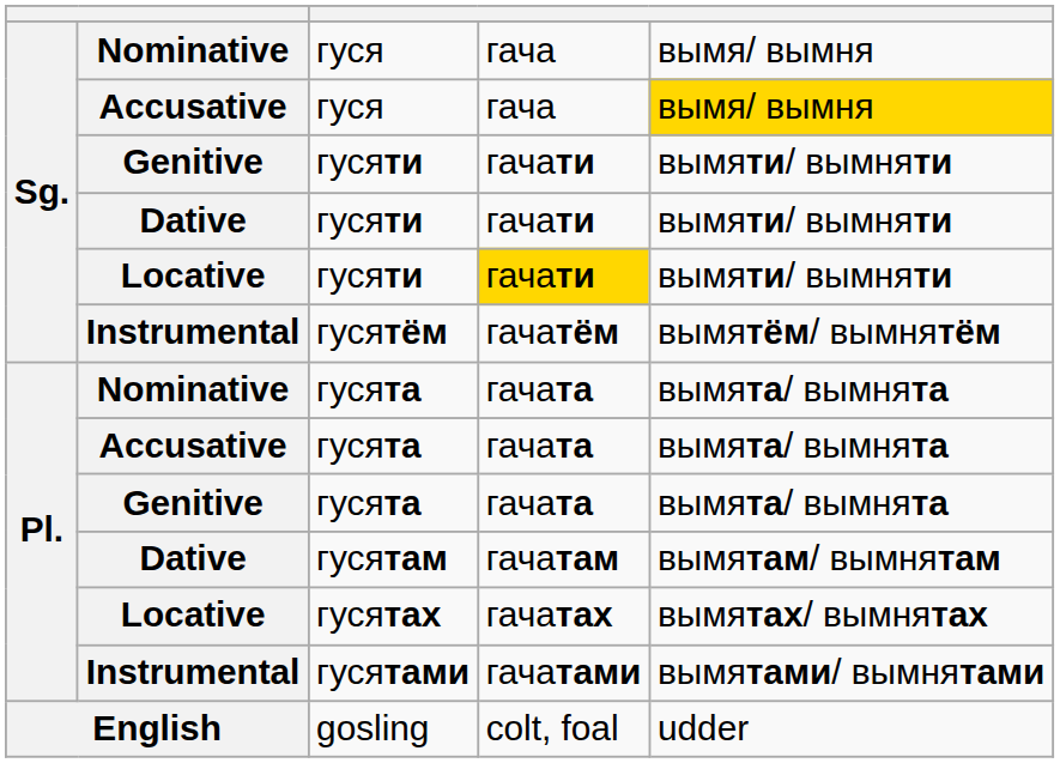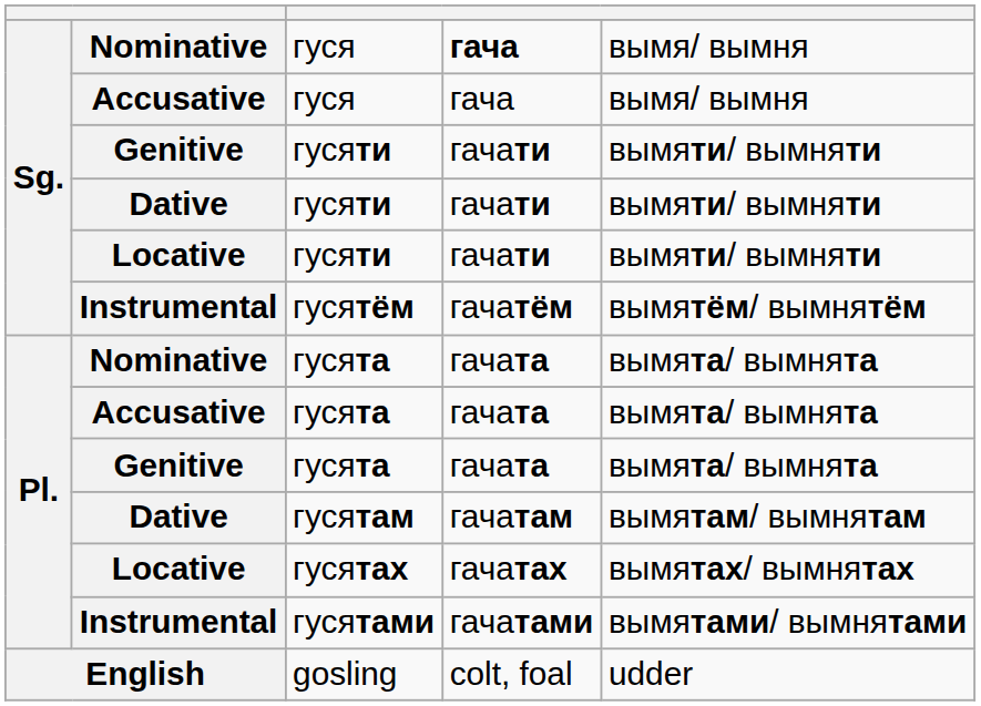 <table class=wikitable>
 <tr>
 <th colspan="2" rowspan="1"></th>
 <th colspan="5" rowspan="1"></th>
 </tr>
 <tr>
 <th rowspan="6">Sg.</th>
 <th>Nominative</th>
 <td>гуся</td>
-<td>гача</td>
+<td><strong>гача</strong></td>
 <td>вымя/ вымня</td>
 </tr>
 <tr>
 <th>Accusative</th>
 <td>гуся</td>
 <td>гача</td>
-<td style="background: gold;">вымя/ вымня</td>
+<td>вымя/ вымня</td>
 </tr>
 <tr>
 <th>Genitive</th>
 <td>гуся<strong>ти</strong></td>
 <td>гача<strong>ти</strong></td>
 <td>вымя<strong>ти</strong>/ вымня<strong>ти</strong></td>
 </tr>
 <tr>
 <th>Dative</th>
 <td>гуся<strong>ти</strong></td>
 <td>гача<strong>ти</strong></td>
 <td>вымя<strong>ти</strong>/ вымня<strong>ти</strong></td>
 </tr>
 <tr>
 <th>Locative</th>
 <td>гуся<strong>ти</strong></td>
-<td style="background: gold;">гача<strong>ти</strong></td>
+<td>гача<strong>ти</strong></td>
 <td>вымя<strong>ти</strong>/ вымня<strong>ти</strong></td>
 </tr>
 <tr>
 <th>Instrumental</th>
 <td>гуся<strong>тём</strong></td>
 <td>гача<strong>тём</strong></td>
 <td>вымя<strong>тём</strong>/ вымня<strong>тём</strong></td>
 </tr>
 <tr>
 <th rowspan="6">Pl.</th>
 <th>Nominative</th>
 <td>гуся<strong>та</strong></td>
 <td>гача<strong>та</strong></td>
 <td>вымя<strong>та</strong>/ вымня<strong>та</strong></td>
 </tr>
 <tr>
 <th>Accusative</th>
 <td>гуся<strong>та</strong></td>
 <td>гача<strong>та</strong></td>
 <td>вымя<strong>та</strong>/ вымня<strong>та</strong></td>
 </tr>
 <tr>
 <th>Genitive</th>
 <td>гуся<strong>та</strong></td>
 <td>гача<strong>та</strong></td>
 <td>вымя<strong>та</strong>/ вымня<strong>та</strong></td>
 </tr>
 <tr>
 <th>Dative</th>
 <td>гуся<strong>там</strong></td>
 <td>гача<strong>там</strong></td>
 <td>вымя<strong>там</strong>/ вымня<strong>там</strong></td>
 </tr>
 <tr>
 <th>Locative</th>
 <td>гуся<strong>тах</strong></td>
 <td>гача<strong>тах</strong></td>
 <td>вымя<strong>тах</strong>/ вымня<strong>тах</strong></td>
 </tr>
 <tr>
 <th>Instrumental</th>
 <td>гуся<strong>тами</strong></td>
 <td>гача<strong>тами</strong></td>
 <td>вымя<strong>тами</strong>/ вымня<strong>тами</strong></td>
 </tr>
 <tr>
 <th colspan="2">English</th>
 <td>gosling</td>
 <td>colt, foal</td>
 <td>udder</td>
 </tr>
 </table>
